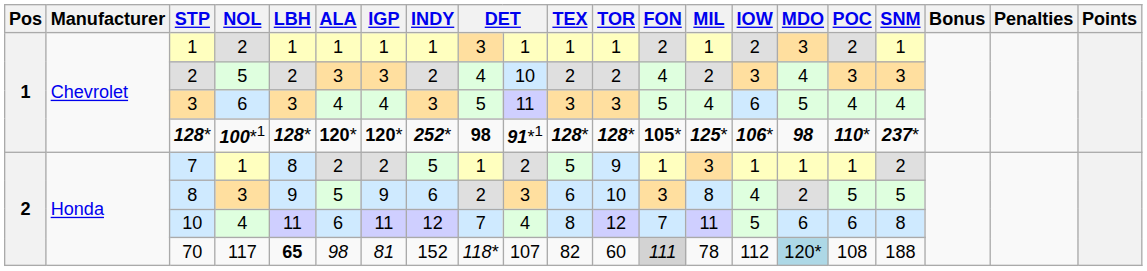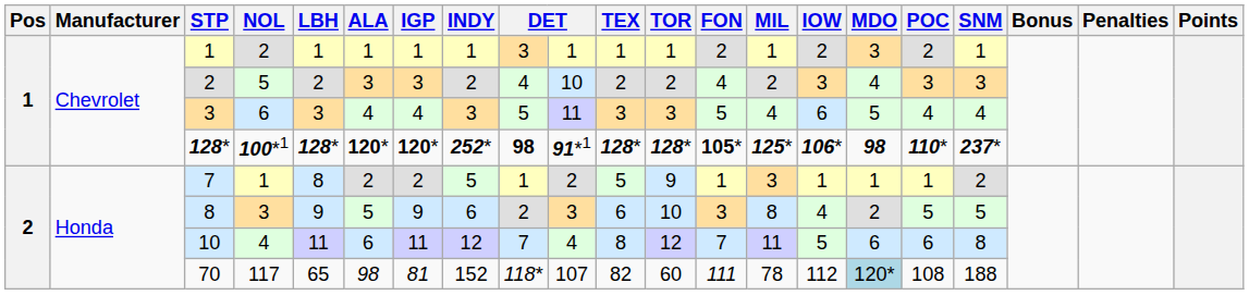 <table class="wikitable" style="font-size: 85%; text-align:center">
 <tr valign=top>
 <th valign=middle>Pos</th>
 <th valign=middle>Manufacturer</th>
 <th><a href='#'>STP</a><br></th>
 <th><a href='#'>NOL</a><br></th>
 <th><a href='#'>LBH</a><br></th>
 <th><a href='#'>ALA</a><br></th>
 <th><a href='#'>IGP</a><br></th>
 <th><a href='#'>INDY</a><br></th>
 <th colspan=2><a href='#'>DET</a><br></th>
 <th><a href='#'>TEX</a><br></th>
 <th><a href='#'>TOR</a><br></th>
 <th><a href='#'>FON</a><br></th>
 <th><a href='#'>MIL</a><br></th>
 <th><a href='#'>IOW</a><br></th>
 <th><a href='#'>MDO</a><br></th>
 <th><a href='#'>POC</a><br></th>
 <th><a href='#'>SNM</a><br></th>
 <th valign=middle>Bonus</th>
 <th valign=middle>Penalties</th>
 <th valign="middle">Points</th>
 </tr>
 <tr>
 <th rowspan=4>1</th>
 <td rowspan=4 align="left"><a href='#'>Chevrolet</a></td>
 <td style="background:#FFFFBF;">1</td>
 <td style="background:#DFDFDF;">2</td>
 <td style="background:#FFFFBF;">1</td>
 <td style="background:#FFFFBF;">1</td>
 <td style="background:#FFFFBF;">1</td>
 <td style="background:#FFFFBF;">1</td>
 <td style="background:#FFDF9F;">3</td>
 <td style="background:#FFFFBF;">1</td>
 <td style="background:#FFFFBF;">1</td>
 <td style="background:#FFFFBF;">1</td>
 <td style="background:#DFDFDF;">2</td>
 <td style="background:#FFFFBF;">1</td>
 <td style="background:#DFDFDF;">2</td>
 <td style="background:#FFDF9F;">3</td>
 <td style="background:#DFDFDF;">2</td>
 <td style="background:#FFFFBF;">1</td>
 <td rowspan=4></td>
 <td rowspan=4></td>
 <th rowspan=4></th>
 </tr>
 <tr>
 <td style="background:#DFDFDF;">2</td>
 <td style="background:#DFFFDF;">5</td>
 <td style="background:#DFDFDF;">2</td>
 <td style="background:#FFDF9F;">3</td>
 <td style="background:#FFDF9F;">3</td>
 <td style="background:#DFDFDF;">2</td>
 <td style="background:#DFFFDF;">4</td>
 <td style="background:#CFEAFF;">10</td>
 <td style="background:#DFDFDF;">2</td>
 <td style="background:#DFDFDF;">2</td>
 <td style="background:#DFFFDF;">4</td>
 <td style="background:#DFDFDF;">2</td>
 <td style="background:#FFDF9F;">3</td>
 <td style="background:#DFFFDF;">4</td>
 <td style="background:#FFDF9F;">3</td>
 <td style="background:#FFDF9F;">3</td>
 </tr>
 <tr>
 <td style="background:#FFDF9F;">3</td>
 <td style="background:#CFEAFF;">6</td>
 <td style="background:#FFDF9F;">3</td>
 <td style="background:#DFFFDF;">4</td>
 <td style="background:#DFFFDF;">4</td>
 <td style="background:#FFDF9F;">3</td>
 <td style="background:#DFFFDF;">5</td>
 <td style="background:#CFCFFF;">11</td>
 <td style="background:#FFDF9F;">3</td>
 <td style="background:#FFDF9F;">3</td>
 <td style="background:#DFFFDF;">5</td>
 <td style="background:#DFFFDF;">4</td>
 <td style="background:#CFEAFF;">6</td>
 <td style="background:#DFFFDF;">5</td>
 <td style="background:#DFFFDF;">4</td>
 <td style="background:#DFFFDF;">4</td>
 </tr>
 <tr>
 <td><strong><em>128</em></strong>*</td>
 <td><strong><em>100</em></strong>*<sup>1</sup></td>
 <td><strong><em>128</em></strong>*</td>
 <td><strong>120</strong>*</td>
 <td><strong>120</strong>*</td>
 <td><strong><em>252</em></strong>*</td>
 <td><strong>98</strong></td>
 <td><strong><em>91</em></strong>*<sup>1</sup></td>
 <td><strong><em>128</em></strong>*</td>
 <td><strong><em>128</em></strong>*</td>
 <td><strong>105</strong>*</td>
 <td><strong><em>125</em></strong>*</td>
 <td><strong><em>106</em></strong>*</td>
 <td><strong><em>98</em></strong></td>
 <td><strong><em>110</em></strong>*</td>
 <td><strong><em>237</em></strong>*</td>
 </tr>
 <tr>
 <th rowspan=4>2</th>
 <td rowspan=4 align="left"><a href='#'>Honda</a></td>
 <td style="background:#CFEAFF;">7</td>
 <td style="background:#FFFFBF;">1</td>
 <td style="background:#CFEAFF;">8</td>
 <td style="background:#DFDFDF;">2</td>
 <td style="background:#DFDFDF;">2</td>
 <td style="background:#DFFFDF;">5</td>
 <td style="background:#FFFFBF;">1</td>
 <td style="background:#DFDFDF;">2</td>
 <td style="background:#DFFFDF;">5</td>
 <td style="background:#CFEAFF;">9</td>
 <td style="background:#FFFFBF;">1</td>
 <td style="background:#FFDF9F;">3</td>
 <td style="background:#FFFFBF;">1</td>
 <td style="background:#FFFFBF;">1</td>
 <td style="background:#FFFFBF;">1</td>
 <td style="background:#DFDFDF;">2</td>
 <td rowspan=4></td>
 <td rowspan=4></td>
 <th rowspan=4></th>
 </tr>
 <tr>
 <td style="background:#CFEAFF;">8</td>
 <td style="background:#FFDF9F;">3</td>
 <td style="background:#CFEAFF;">9</td>
 <td style="background:#DFFFDF;">5</td>
 <td style="background:#CFEAFF;">9</td>
 <td style="background:#CFEAFF;">6</td>
 <td style="background:#DFDFDF;">2</td>
 <td style="background:#FFDF9F;">3</td>
 <td style="background:#CFEAFF;">6</td>
 <td style="background:#CFEAFF;">10</td>
 <td style="background:#FFDF9F;">3</td>
 <td style="background:#CFEAFF;">8</td>
 <td style="background:#DFFFDF;">4</td>
 <td style="background:#DFDFDF;">2</td>
 <td style="background:#DFFFDF;">5</td>
 <td style="background:#DFFFDF;">5</td>
 </tr>
 <tr>
 <td style="background:#CFEAFF;">10</td>
 <td style="background:#DFFFDF;">4</td>
 <td style="background:#CFCFFF;">11</td>
 <td style="background:#CFEAFF;">6</td>
 <td style="background:#CFCFFF;">11</td>
 <td style="background:#CFCFFF;">12</td>
 <td style="background:#CFEAFF;">7</td>
 <td style="background:#DFFFDF;">4</td>
 <td style="background:#CFEAFF;">8</td>
 <td style="background:#CFCFFF;">12</td>
 <td style="background:#CFEAFF;">7</td>
 <td style="background:#CFCFFF;">11</td>
 <td style="background:#DFFFDF;">5</td>
 <td style="background:#CFEAFF;">6</td>
 <td style="background:#CFEAFF;">6</td>
 <td style="background:#CFEAFF;">8</td>
 </tr>
 <tr>
 <td>70</td>
 <td>117</td>
-<td><strong>65</strong></td>
+<td>65</td>
 <td><em>98</em></td>
 <td><em>81</em></td>
 <td>152</td>
 <td><em>118</em>*</td>
 <td>107</td>
 <td>82</td>
 <td>60</td>
-<td style="background: lightgrey;"><em>111</em></td>
+<td><em>111</em></td>
 <td>78</td>
 <td>112</td>
 <td style="background: lightblue;">120*</td>
 <td>108</td>
 <td>188</td>
 </tr>
 </table>
